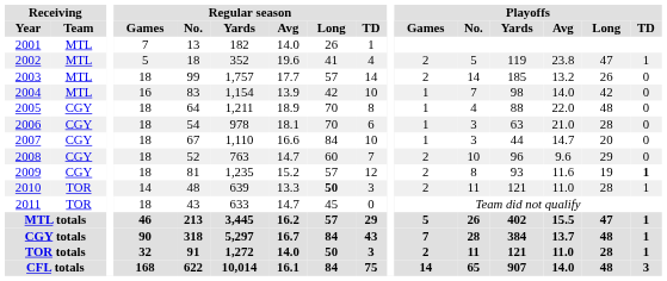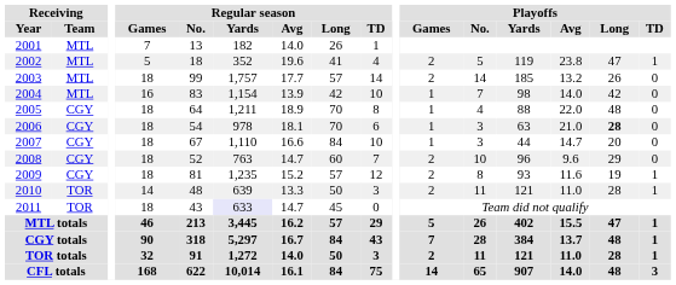 <table BORDER="0" CELLPADDING="1" CELLSPACING="0" width="65%" style="text-align:center">
 <tr bgcolor="#e0e0e0">
 <th colspan="2">Receiving</th>
 <th rowspan="99" bgcolor="#ffffff"> </th>
 <th colspan="6">Regular season</th>
 <th rowspan="99" bgcolor="#ffffff"> </th>
 <th colspan="6">Playoffs</th>
 </tr>
 <tr bgcolor="#e0e0e0">
 <th>Year</th>
 <th>Team</th>
 <th>Games</th>
 <th>No.</th>
 <th>Yards</th>
 <th>Avg</th>
 <th>Long</th>
 <th>TD</th>
 <th>Games</th>
 <th>No.</th>
 <th>Yards</th>
 <th>Avg</th>
 <th>Long</th>
 <th>TD</th>
 </tr>
 <tr ALIGN="center">
 <td><a href='#'>2001</a></td>
 <td><a href='#'>MTL</a></td>
 <td>7</td>
 <td>13</td>
 <td>182</td>
 <td>14.0</td>
 <td>26</td>
 <td>1</td>
 <td></td>
 <td></td>
 <td></td>
 <td></td>
 <td></td>
 <td></td>
 </tr>
 <tr ALIGN="center" bgcolor="#f0f0f0">
 <td><a href='#'>2002</a></td>
 <td><a href='#'>MTL</a></td>
 <td>5</td>
 <td>18</td>
 <td>352</td>
 <td>19.6</td>
 <td>41</td>
 <td>4</td>
 <td>2</td>
 <td>5</td>
 <td>119</td>
 <td>23.8</td>
 <td>47</td>
 <td>1</td>
 </tr>
 <tr ALIGN="center">
 <td><a href='#'>2003</a></td>
 <td><a href='#'>MTL</a></td>
 <td>18</td>
 <td>99</td>
 <td>1,757</td>
 <td>17.7</td>
 <td>57</td>
 <td>14</td>
 <td>2</td>
 <td>14</td>
 <td>185</td>
 <td>13.2</td>
 <td>26</td>
 <td>0</td>
 </tr>
 <tr ALIGN="center" bgcolor="#f0f0f0">
 <td><a href='#'>2004</a></td>
 <td><a href='#'>MTL</a></td>
 <td>16</td>
 <td>83</td>
 <td>1,154</td>
 <td>13.9</td>
 <td>42</td>
 <td>10</td>
 <td>1</td>
 <td>7</td>
 <td>98</td>
 <td>14.0</td>
 <td>42</td>
 <td>0</td>
 </tr>
 <tr ALIGN="center">
 <td><a href='#'>2005</a></td>
 <td><a href='#'>CGY</a></td>
 <td>18</td>
 <td>64</td>
 <td>1,211</td>
 <td>18.9</td>
 <td>70</td>
 <td>8</td>
 <td>1</td>
 <td>4</td>
 <td>88</td>
 <td>22.0</td>
 <td>48</td>
 <td>0</td>
 </tr>
 <tr ALIGN="center" bgcolor="#f0f0f0">
 <td><a href='#'>2006</a></td>
 <td><a href='#'>CGY</a></td>
 <td>18</td>
 <td>54</td>
 <td>978</td>
 <td>18.1</td>
 <td>70</td>
 <td>6</td>
 <td>1</td>
 <td>3</td>
 <td>63</td>
 <td>21.0</td>
-<td>28</td>
+<td><strong>28</strong></td>
 <td>0</td>
 </tr>
 <tr ALIGN="center">
 <td><a href='#'>2007</a></td>
 <td><a href='#'>CGY</a></td>
 <td>18</td>
 <td>67</td>
 <td>1,110</td>
 <td>16.6</td>
 <td>84</td>
 <td>10</td>
 <td>1</td>
 <td>3</td>
 <td>44</td>
 <td>14.7</td>
 <td>20</td>
 <td>0</td>
 </tr>
 <tr ALIGN="center" bgcolor="#f0f0f0">
 <td><a href='#'>2008</a></td>
 <td><a href='#'>CGY</a></td>
 <td>18</td>
 <td>52</td>
 <td>763</td>
 <td>14.7</td>
 <td>60</td>
 <td>7</td>
 <td>2</td>
 <td>10</td>
 <td>96</td>
 <td>9.6</td>
 <td>29</td>
 <td>0</td>
 </tr>
 <tr ALIGN="center">
 <td><a href='#'>2009</a></td>
 <td><a href='#'>CGY</a></td>
 <td>18</td>
 <td>81</td>
 <td>1,235</td>
 <td>15.2</td>
 <td>57</td>
 <td>12</td>
 <td>2</td>
 <td>8</td>
 <td>93</td>
 <td>11.6</td>
 <td>19</td>
-<td><strong>1</strong></td>
+<td>1</td>
 </tr>
 <tr ALIGN="center" bgcolor="#f0f0f0">
 <td><a href='#'>2010</a></td>
 <td><a href='#'>TOR</a></td>
 <td>14</td>
 <td>48</td>
 <td>639</td>
 <td>13.3</td>
-<td><strong>50</strong></td>
+<td>50</td>
 <td>3</td>
 <td>2</td>
 <td>11</td>
 <td>121</td>
 <td>11.0</td>
 <td>28</td>
 <td>1</td>
 </tr>
 <tr ALIGN="center">
 <td><a href='#'>2011</a></td>
 <td><a href='#'>TOR</a></td>
 <td>18</td>
 <td>43</td>
-<td>633</td>
+<td style="background: lavender;">633</td>
 <td>14.7</td>
 <td>45</td>
 <td>0</td>
 <td colspan="6"><em>Team did not qualify</em></td>
 </tr>
 <tr bgcolor="#e0e0e0">
 <th colspan="2"><a href='#'>MTL</a> totals</th>
 <th>46</th>
 <th>213</th>
 <th>3,445</th>
 <th>16.2</th>
 <th>57</th>
 <th>29</th>
 <th>5</th>
 <th>26</th>
 <th>402</th>
 <th>15.5</th>
 <th>47</th>
 <th>1</th>
 </tr>
 <tr bgcolor="#e0e0e0">
 <th colspan="2"><a href='#'>CGY</a> totals</th>
 <th>90</th>
 <th>318</th>
 <th>5,297</th>
 <th>16.7</th>
 <th>84</th>
 <th>43</th>
 <th>7</th>
 <th>28</th>
 <th>384</th>
 <th>13.7</th>
 <th>48</th>
 <th>1</th>
 </tr>
 <tr bgcolor="#e0e0e0">
 <th colspan="2"><a href='#'>TOR</a> totals</th>
 <th>32</th>
 <th>91</th>
 <th>1,272</th>
 <th>14.0</th>
 <th>50</th>
 <th>3</th>
 <th>2</th>
 <th>11</th>
 <th>121</th>
 <th>11.0</th>
 <th>28</th>
 <th>1</th>
 </tr>
 <tr bgcolor="#e0e0e0">
 <th colspan="2"><a href='#'>CFL</a> totals</th>
 <th>168</th>
 <th>622</th>
 <th>10,014</th>
 <th>16.1</th>
 <th>84</th>
 <th>75</th>
 <th>14</th>
 <th>65</th>
 <th>907</th>
 <th>14.0</th>
 <th>48</th>
 <th>3</th>
 </tr>
 </table>
